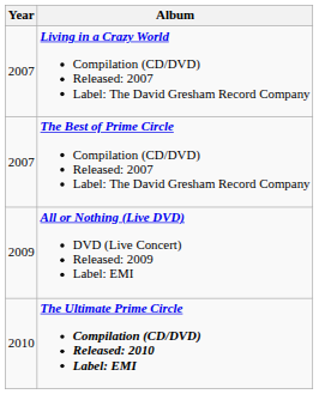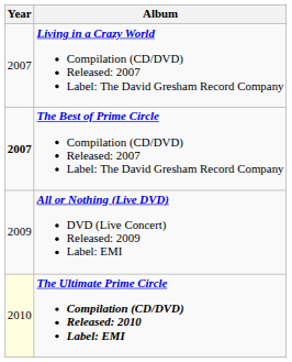 <table class="wikitable">
 <tr>
 <th>Year</th>
 <th>Album</th>
 </tr>
 <tr>
 <td>2007</td>
 <td><strong><em><a href='#'>Living in a Crazy World</a></em></strong><br><ul><li>Compilation (CD/DVD)</li><li>Released: 2007</li><li>Label: The David Gresham Record Company</li></ul></td>
 </tr>
 <tr>
-<td>2007</td>
+<td><strong>2007</strong></td>
 <td><strong><em><a href='#'>The Best of Prime Circle</a></em></strong><br><ul><li>Compilation (CD/DVD)</li><li>Released: 2007</li><li>Label: The David Gresham Record Company</li></ul></td>
 </tr>
 <tr>
 <td>2009</td>
 <td><strong><em><a href='#'>All or Nothing (Live DVD)</a></em></strong><br><ul><li>DVD (Live Concert)</li><li>Released: 2009</li><li>Label: EMI</li></ul></td>
 </tr>
 <tr>
-<td>2010</td>
+<td style="background: lightyellow;">2010</td>
 <td><strong><em><a href='#'>The Ultimate Prime Circle</a><strong> <em><br><ul><li>Compilation (CD/DVD)</li><li>Released: 2010</li><li>Label: EMI</li></ul></td>
 </tr>
 </table>
